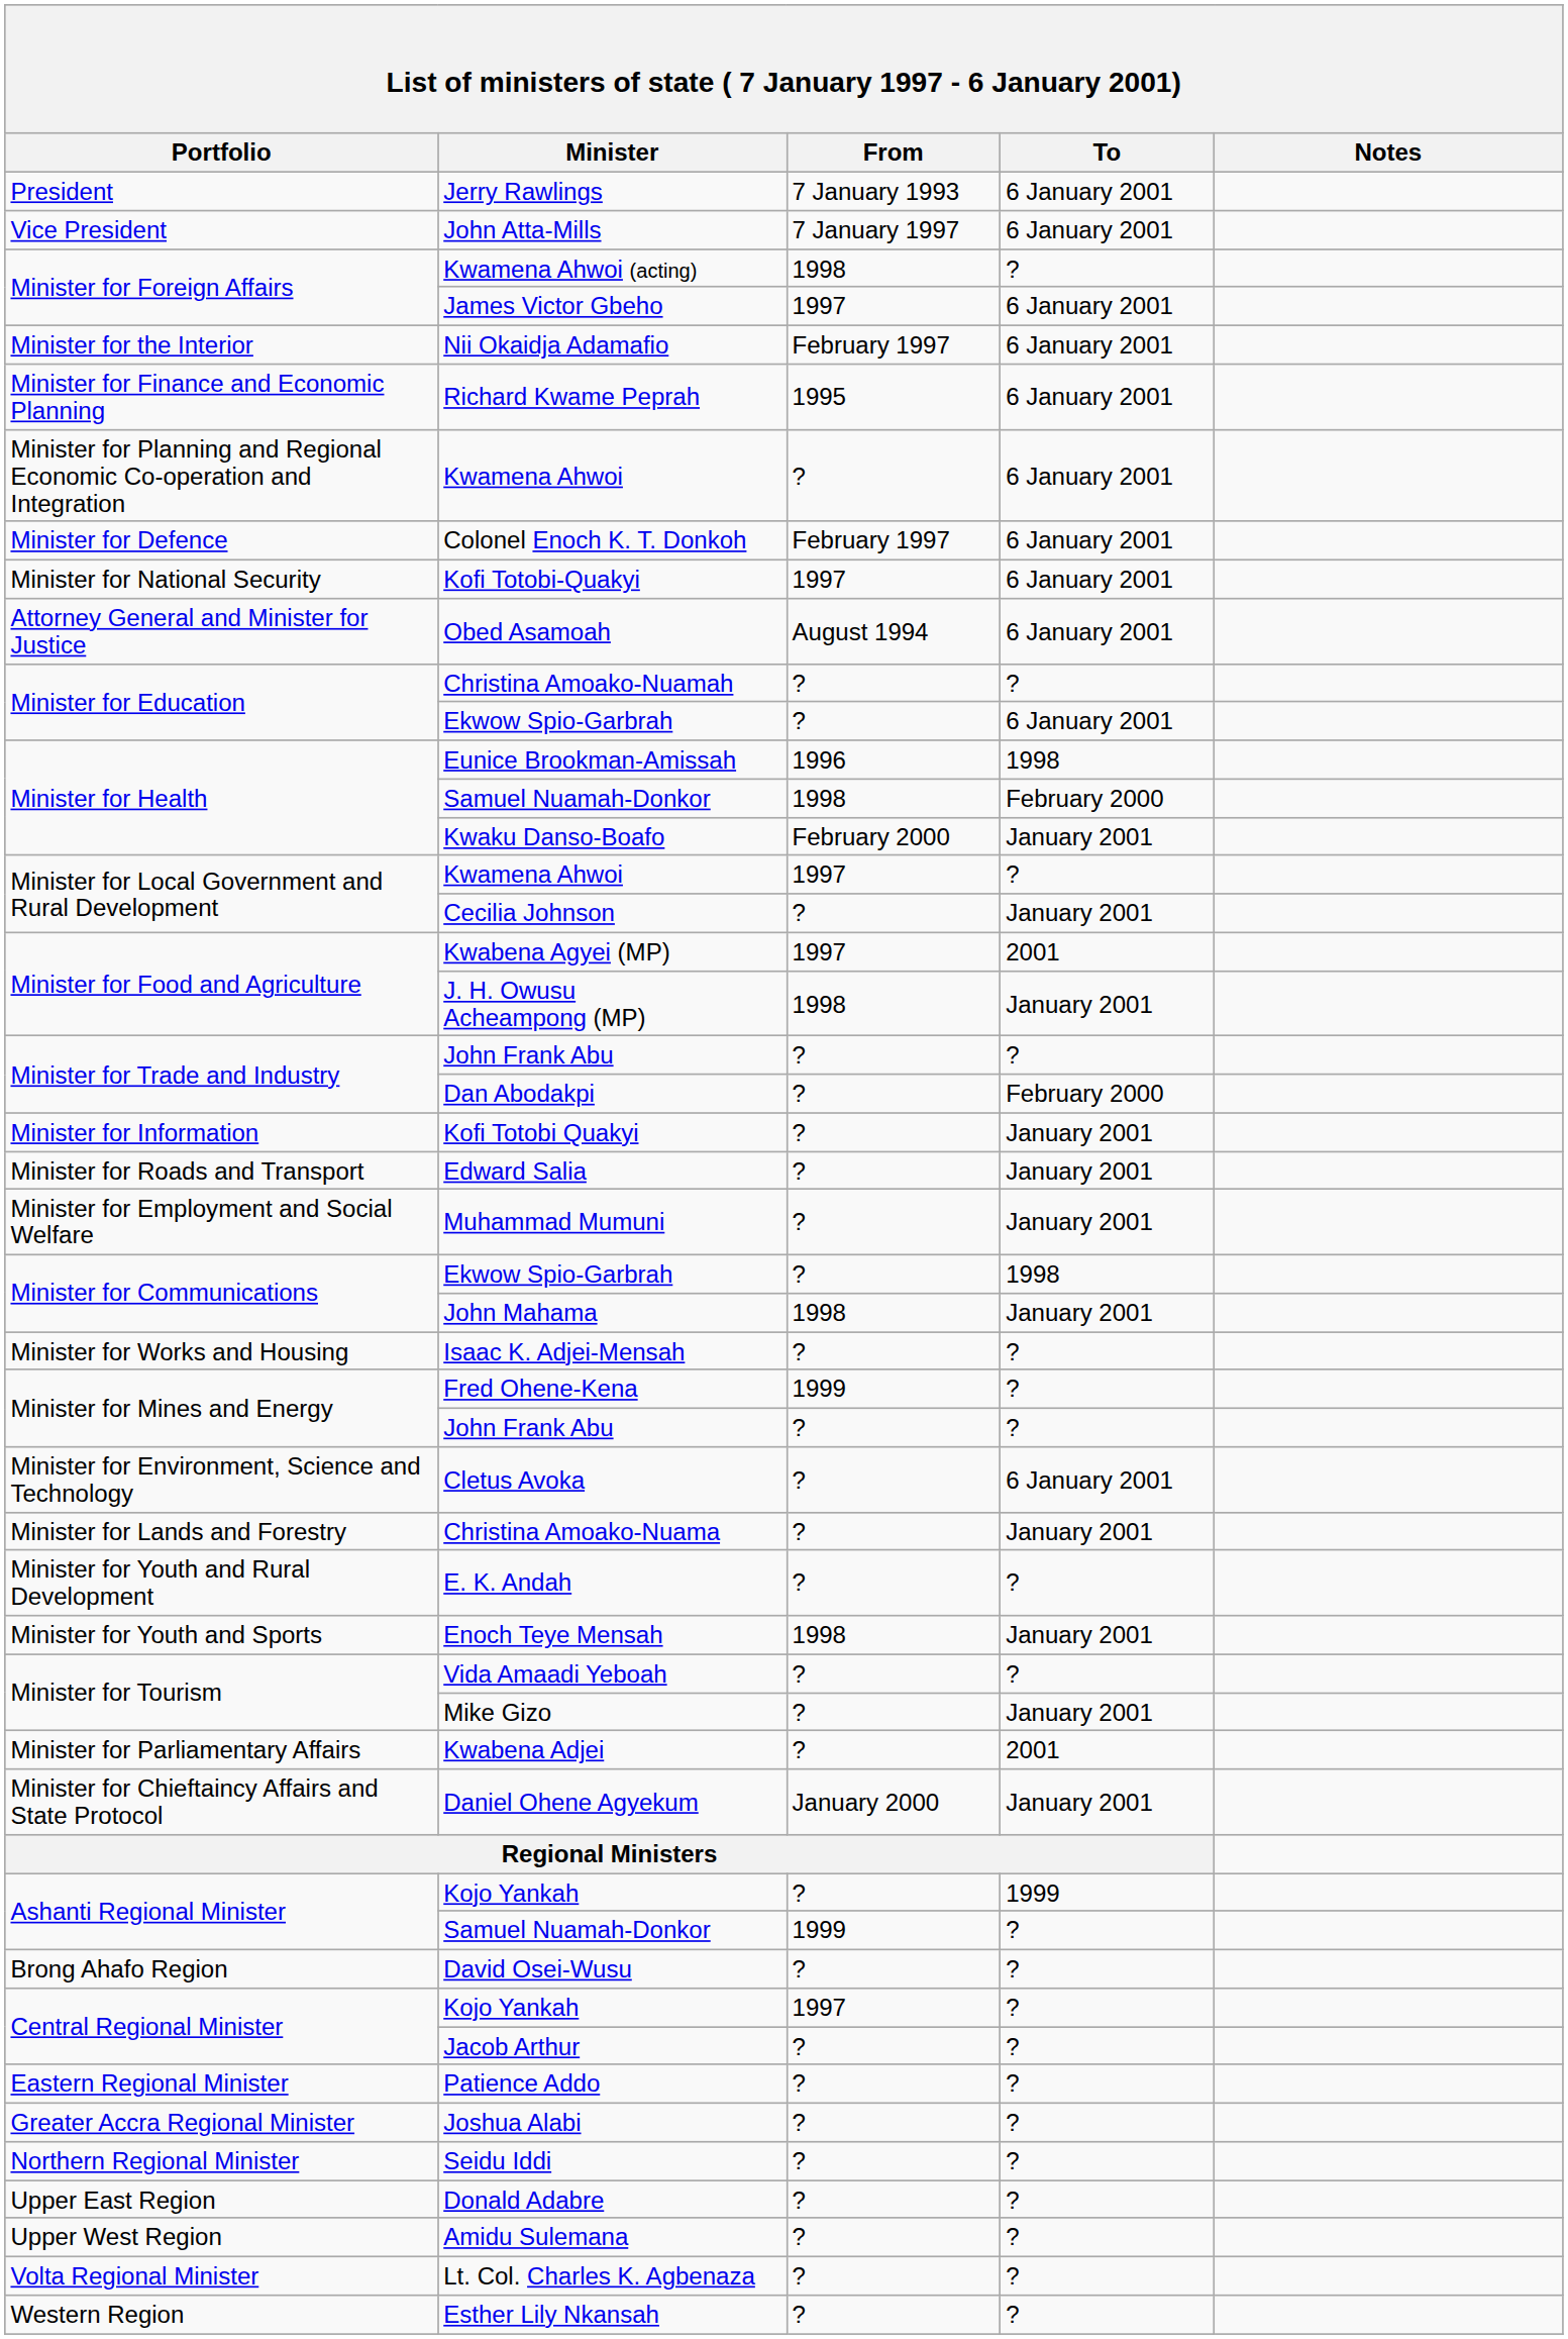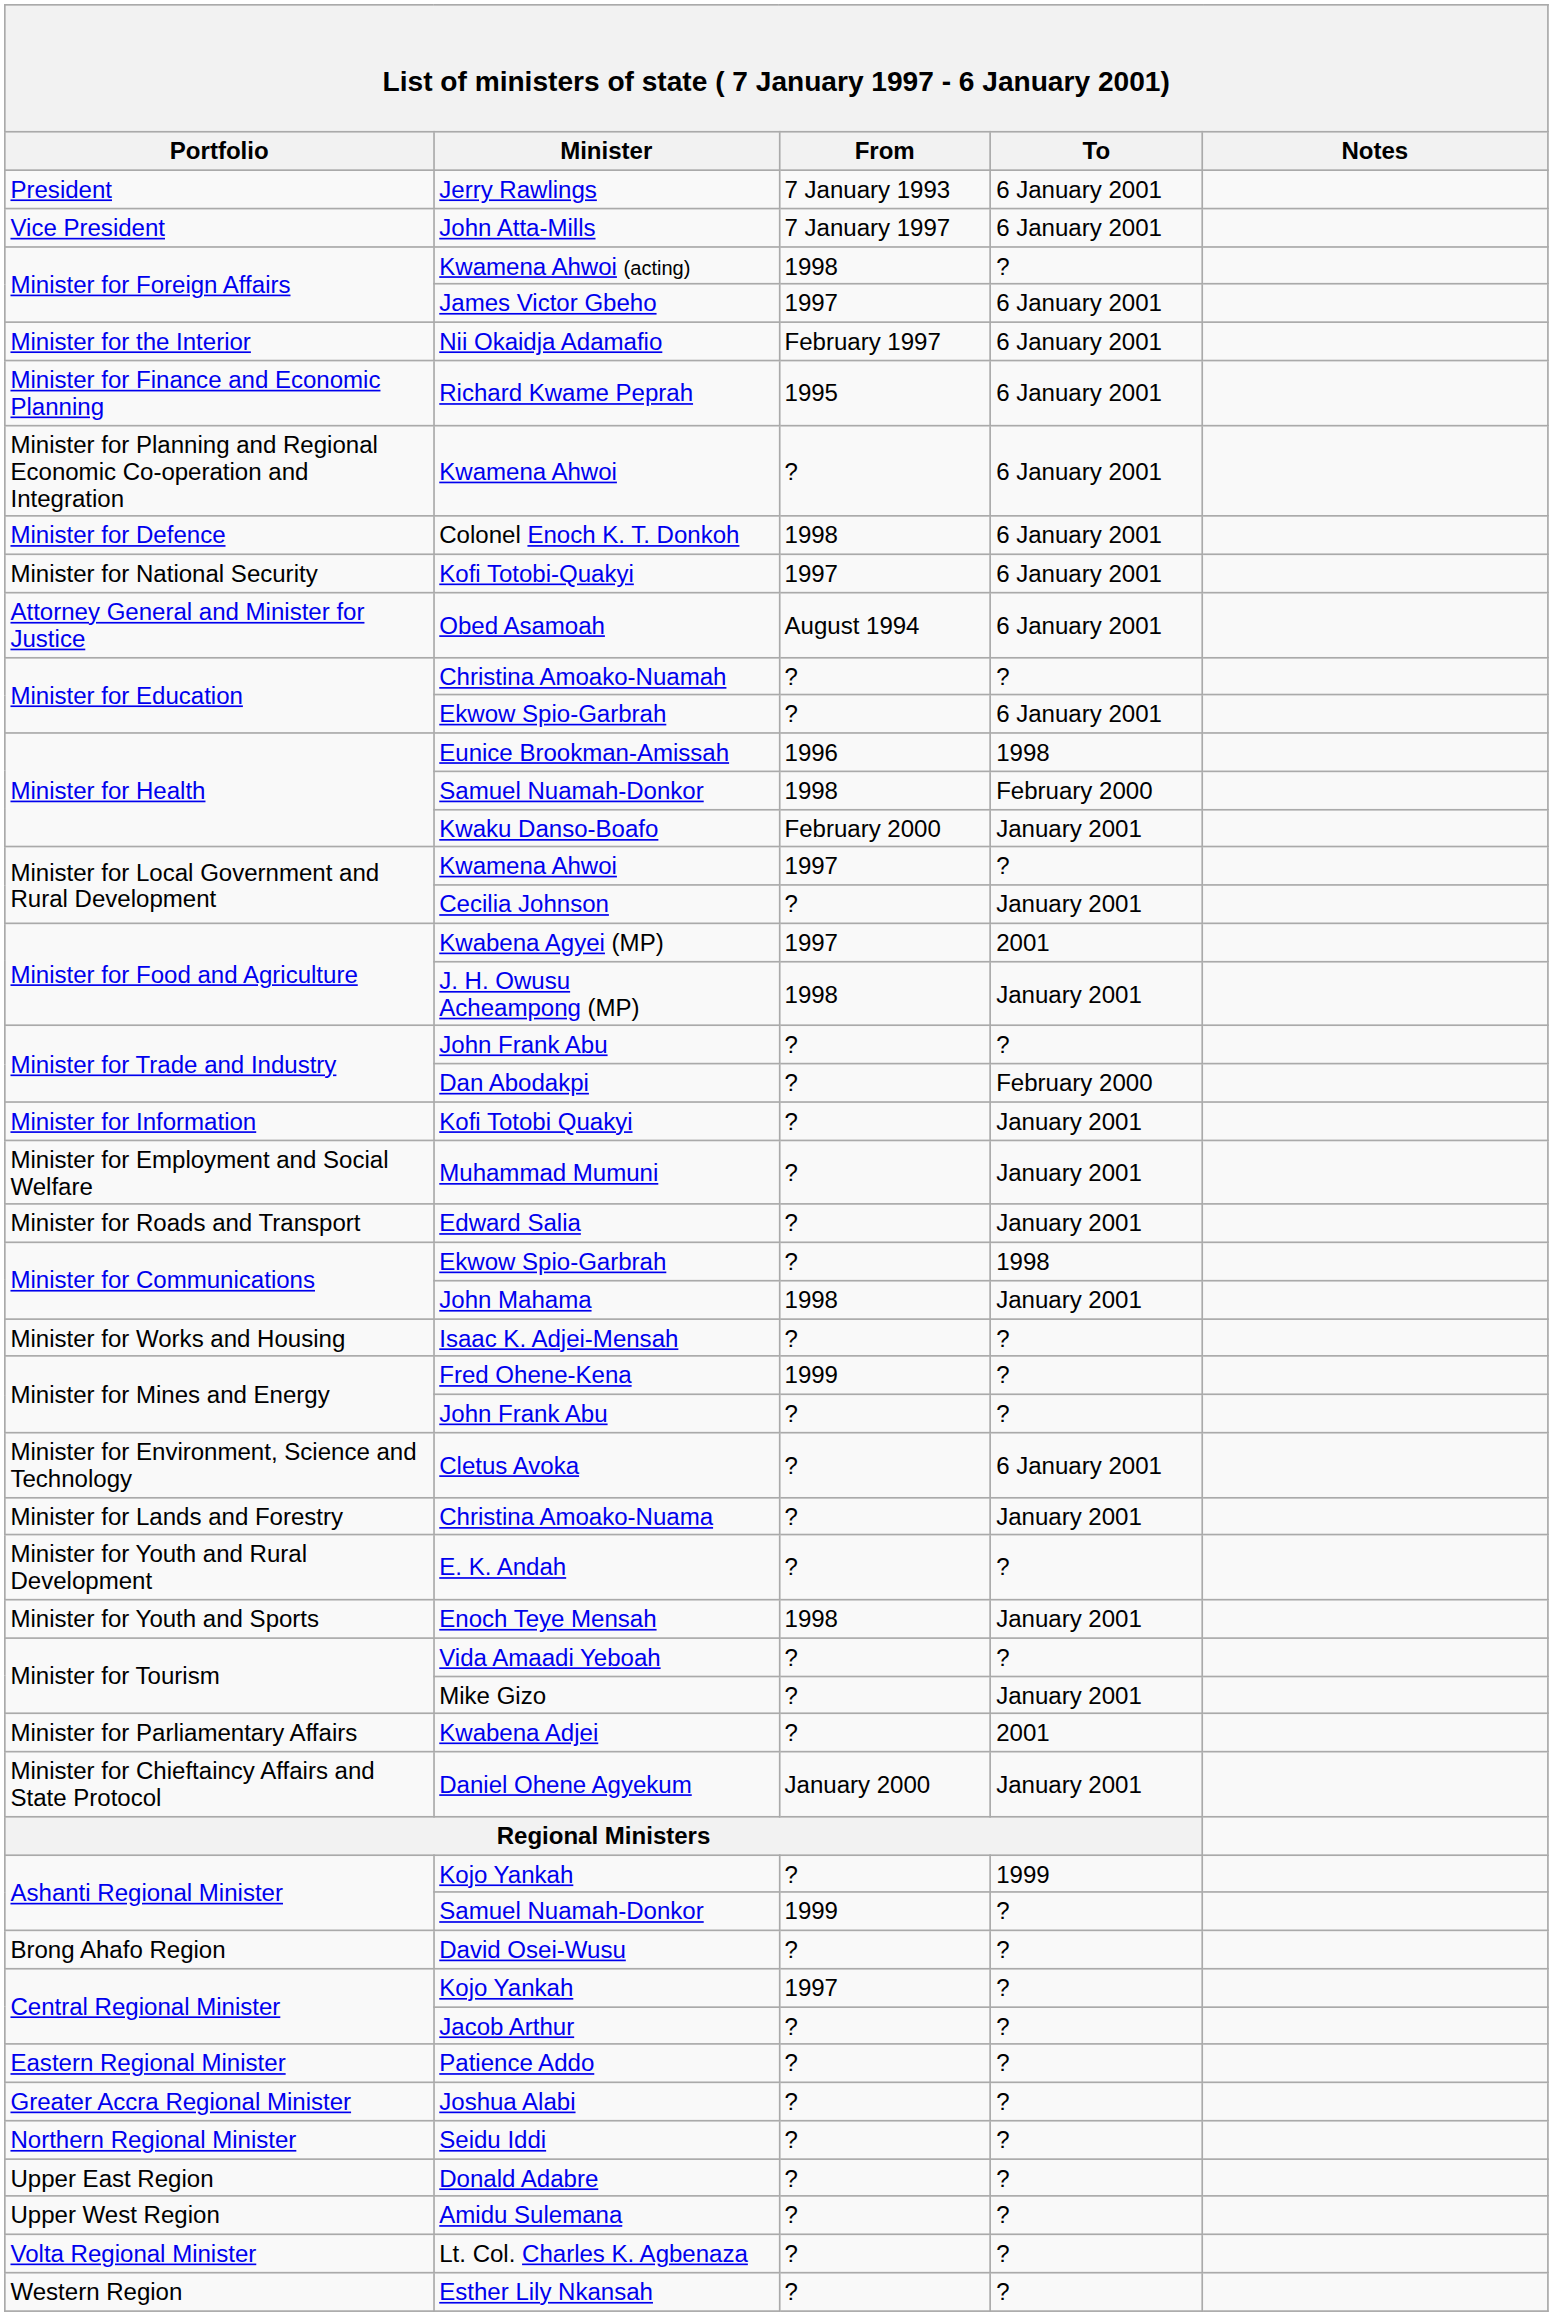 <table class="wikitable" style="font-size:90%; text-align:left;">
 <tr>
 <th colspan=5><br><h3>List of ministers of state ( 7 January 1997 - 6 January 2001)</h3></th>
 </tr>
 <tr>
 <th width=250>Portfolio</th>
 <th width=200>Minister</th>
 <th width=120>From</th>
 <th width=120>To</th>
 <th width=200>Notes</th>
 </tr>
 <tr>
 <td><a href='#'>President</a></td>
 <td><a href='#'>Jerry Rawlings</a></td>
 <td>7 January 1993</td>
 <td>6 January 2001</td>
 <td></td>
 </tr>
 <tr>
 <td><a href='#'>Vice President</a></td>
 <td><a href='#'>John Atta-Mills</a></td>
 <td>7 January 1997</td>
 <td>6 January 2001</td>
 <td></td>
 </tr>
 <tr>
 <td rowspan=2><a href='#'>Minister for Foreign Affairs</a></td>
 <td><a href='#'>Kwamena Ahwoi</a> <small>(acting)</small></td>
 <td>1998</td>
 <td>?</td>
 <td></td>
 </tr>
 <tr>
 <td><a href='#'>James Victor Gbeho</a></td>
 <td>1997</td>
 <td>6 January 2001</td>
 </tr>
 <tr>
 <td><a href='#'>Minister for the Interior</a></td>
 <td><a href='#'>Nii Okaidja Adamafio</a></td>
 <td>February 1997</td>
 <td>6 January 2001</td>
 <td></td>
 </tr>
 <tr>
 <td><a href='#'>Minister for Finance and Economic Planning</a></td>
 <td><a href='#'>Richard Kwame Peprah</a></td>
 <td>1995</td>
 <td>6 January 2001</td>
 <td></td>
 </tr>
 <tr>
 <td>Minister for Planning and Regional Economic Co-operation and Integration</td>
 <td><a href='#'>Kwamena Ahwoi</a></td>
 <td>?</td>
 <td>6 January 2001</td>
 <td></td>
 </tr>
 <tr>
 <td><a href='#'>Minister for Defence</a></td>
 <td>Colonel  <a href='#'>Enoch K. T. Donkoh</a></td>
-<td>February 1997</td>
+<td>1998</td>
 <td>6 January 2001</td>
 <td></td>
 </tr>
 <tr>
 <td>Minister for National Security</td>
 <td><a href='#'>Kofi Totobi-Quakyi</a></td>
 <td>1997</td>
 <td>6 January 2001</td>
 <td></td>
 </tr>
 <tr>
 <td><a href='#'>Attorney General and Minister for Justice</a></td>
 <td><a href='#'>Obed Asamoah</a></td>
 <td>August 1994</td>
 <td>6 January 2001</td>
 <td></td>
 </tr>
 <tr>
 <td rowspan=2><a href='#'>Minister for Education</a></td>
 <td><a href='#'>Christina Amoako-Nuamah</a></td>
 <td>?</td>
 <td>?</td>
 <td></td>
 </tr>
 <tr>
 <td><a href='#'>Ekwow Spio-Garbrah</a></td>
 <td>?</td>
 <td>6 January 2001</td>
 <td></td>
 </tr>
 <tr>
 <td rowspan=3><a href='#'>Minister for Health</a></td>
 <td><a href='#'>Eunice Brookman-Amissah</a></td>
 <td>1996</td>
 <td>1998</td>
 <td></td>
 </tr>
 <tr>
 <td><a href='#'>Samuel Nuamah-Donkor</a></td>
 <td>1998</td>
 <td>February 2000</td>
 <td></td>
 </tr>
 <tr>
 <td><a href='#'>Kwaku Danso-Boafo</a></td>
 <td>February 2000</td>
 <td>January 2001</td>
 <td></td>
 </tr>
 <tr>
 <td rowspan=2>Minister for Local Government and Rural Development</td>
 <td><a href='#'>Kwamena Ahwoi</a></td>
 <td>1997</td>
 <td>?</td>
 <td></td>
 </tr>
 <tr>
 <td><a href='#'>Cecilia Johnson</a></td>
 <td>?</td>
 <td>January 2001</td>
 <td></td>
 </tr>
 <tr>
 <td rowspan=2><a href='#'>Minister for Food and Agriculture</a></td>
 <td><a href='#'>Kwabena Agyei</a> (MP)</td>
 <td>1997</td>
 <td>2001</td>
 <td></td>
 </tr>
 <tr>
 <td><a href='#'>J. H. Owusu Acheampong</a> (MP)</td>
 <td>1998</td>
 <td>January 2001</td>
 <td></td>
 </tr>
 <tr>
 <td rowspan=2><a href='#'>Minister for Trade and Industry</a></td>
 <td><a href='#'>John Frank Abu</a></td>
 <td>?</td>
 <td>?</td>
 <td></td>
 </tr>
 <tr>
 <td><a href='#'>Dan Abodakpi</a></td>
 <td>?</td>
 <td>February 2000</td>
 <td></td>
 </tr>
 <tr>
 <td><a href='#'>Minister for Information</a></td>
 <td><a href='#'>Kofi Totobi Quakyi</a></td>
 <td>?</td>
 <td>January 2001</td>
 <td></td>
 </tr>
 <tr>
-<td>Minister for Roads and Transport</td>
-<td><a href='#'>Edward Salia</a></td>
+<td>Minister for Employment and Social Welfare</td>
+<td><a href='#'>Muhammad Mumuni</a></td>
 <td>?</td>
 <td>January 2001</td>
 <td></td>
 </tr>
 <tr>
-<td>Minister for Employment and Social Welfare</td>
-<td><a href='#'>Muhammad Mumuni</a></td>
+<td>Minister for Roads and Transport</td>
+<td><a href='#'>Edward Salia</a></td>
 <td>?</td>
 <td>January 2001</td>
 <td></td>
 </tr>
 <tr>
 <td rowspan=2><a href='#'>Minister for Communications</a></td>
 <td><a href='#'>Ekwow Spio-Garbrah</a></td>
 <td>?</td>
 <td>1998</td>
 <td></td>
 </tr>
 <tr>
 <td><a href='#'>John Mahama</a></td>
 <td>1998</td>
 <td>January 2001</td>
 <td></td>
 </tr>
 <tr>
 <td>Minister for Works and Housing</td>
 <td><a href='#'>Isaac K. Adjei-Mensah</a></td>
 <td>?</td>
 <td>?</td>
 <td></td>
 </tr>
 <tr>
 <td rowspan=2>Minister for Mines and Energy</td>
 <td><a href='#'>Fred Ohene-Kena</a></td>
 <td>1999</td>
 <td>?</td>
 <td></td>
 </tr>
 <tr>
 <td><a href='#'>John Frank Abu</a></td>
 <td>?</td>
 <td>?</td>
 <td></td>
 </tr>
 <tr>
 <td>Minister for Environment, Science and Technology</td>
 <td><a href='#'>Cletus Avoka</a></td>
 <td>?</td>
 <td>6 January 2001</td>
 <td></td>
 </tr>
 <tr>
 <td>Minister for Lands and Forestry</td>
 <td><a href='#'>Christina Amoako-Nuama</a></td>
 <td>?</td>
 <td>January 2001</td>
 <td></td>
 </tr>
 <tr>
 <td>Minister for Youth and Rural Development</td>
 <td><a href='#'>E. K. Andah</a></td>
 <td>?</td>
 <td>?</td>
 <td></td>
 </tr>
 <tr>
 <td>Minister for Youth and Sports</td>
 <td><a href='#'>Enoch Teye Mensah</a></td>
 <td>1998</td>
 <td>January 2001</td>
 <td></td>
 </tr>
 <tr>
 <td rowspan=2>Minister for Tourism</td>
 <td><a href='#'>Vida Amaadi Yeboah</a></td>
 <td>?</td>
 <td>?</td>
 <td></td>
 </tr>
 <tr>
 <td>Mike Gizo</td>
 <td>?</td>
 <td>January 2001</td>
 <td></td>
 </tr>
 <tr>
 <td>Minister for Parliamentary Affairs</td>
 <td><a href='#'>Kwabena Adjei</a></td>
 <td>?</td>
 <td>2001</td>
 <td></td>
 </tr>
 <tr>
 <td>Minister for Chieftaincy Affairs and State Protocol</td>
 <td><a href='#'>Daniel Ohene Agyekum</a></td>
 <td>January 2000</td>
 <td>January 2001</td>
 <td></td>
 </tr>
 <tr>
 <th colspan=4>Regional Ministers</th>
 </tr>
 <tr>
 <td rowspan=2><a href='#'>Ashanti Regional Minister</a></td>
 <td><a href='#'>Kojo Yankah</a></td>
 <td>?</td>
 <td>1999</td>
 <td></td>
 </tr>
 <tr>
 <td><a href='#'>Samuel Nuamah-Donkor</a></td>
 <td>1999</td>
 <td>?</td>
 <td></td>
 </tr>
 <tr>
 <td>Brong Ahafo Region</td>
 <td><a href='#'>David Osei-Wusu</a></td>
 <td>?</td>
 <td>?</td>
 <td></td>
 </tr>
 <tr>
 <td rowspan=2><a href='#'>Central Regional Minister</a></td>
 <td><a href='#'>Kojo Yankah</a></td>
 <td>1997</td>
 <td>?</td>
 <td></td>
 </tr>
 <tr>
 <td><a href='#'>Jacob Arthur</a></td>
 <td>?</td>
 <td>?</td>
 <td></td>
 </tr>
 <tr>
 <td><a href='#'>Eastern Regional Minister</a></td>
 <td><a href='#'>Patience Addo</a></td>
 <td>?</td>
 <td>?</td>
 <td></td>
 </tr>
 <tr>
 <td><a href='#'>Greater Accra Regional Minister</a></td>
 <td><a href='#'>Joshua Alabi</a></td>
 <td>?</td>
 <td>?</td>
 <td></td>
 </tr>
 <tr>
 <td><a href='#'>Northern Regional Minister</a></td>
 <td><a href='#'>Seidu Iddi</a></td>
 <td>?</td>
 <td>?</td>
 <td></td>
 </tr>
 <tr>
 <td>Upper East Region</td>
 <td><a href='#'>Donald Adabre</a></td>
 <td>?</td>
 <td>?</td>
 <td></td>
 </tr>
 <tr>
 <td>Upper West Region</td>
 <td><a href='#'>Amidu Sulemana</a></td>
 <td>?</td>
 <td>?</td>
 <td></td>
 </tr>
 <tr>
 <td><a href='#'>Volta Regional Minister</a></td>
 <td>Lt. Col. <a href='#'>Charles K. Agbenaza</a></td>
 <td>?</td>
 <td>?</td>
 <td></td>
 </tr>
 <tr>
 <td>Western Region</td>
 <td><a href='#'>Esther Lily Nkansah</a></td>
 <td>?</td>
 <td>?</td>
 <td></td>
 </tr>
 </table>
